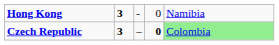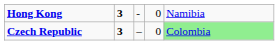 <table class="wikitable">
 <tr>
 <td width=150> <strong><a href='#'>Hong Kong</a></strong></td>
 <td style="width:20px; text-align:left;"><strong>3</strong></td>
 <td>-</td>
 <td style="width:20px; text-align:right;">0</td>
 <td width=150> <a href='#'>Namibia</a></td>
 </tr>
 <tr>
 <td> <strong><a href='#'>Czech Republic</a></strong></td>
 <td style="text-align:left;"><strong>3</strong></td>
 <td>–</td>
-<td style="text-align:right;"><strong>0</strong></td>
+<td style="text-align:right;">0</td>
 <td style="background: lightgreen;"> <a href='#'>Colombia</a></td>
 </tr>
 </table>
